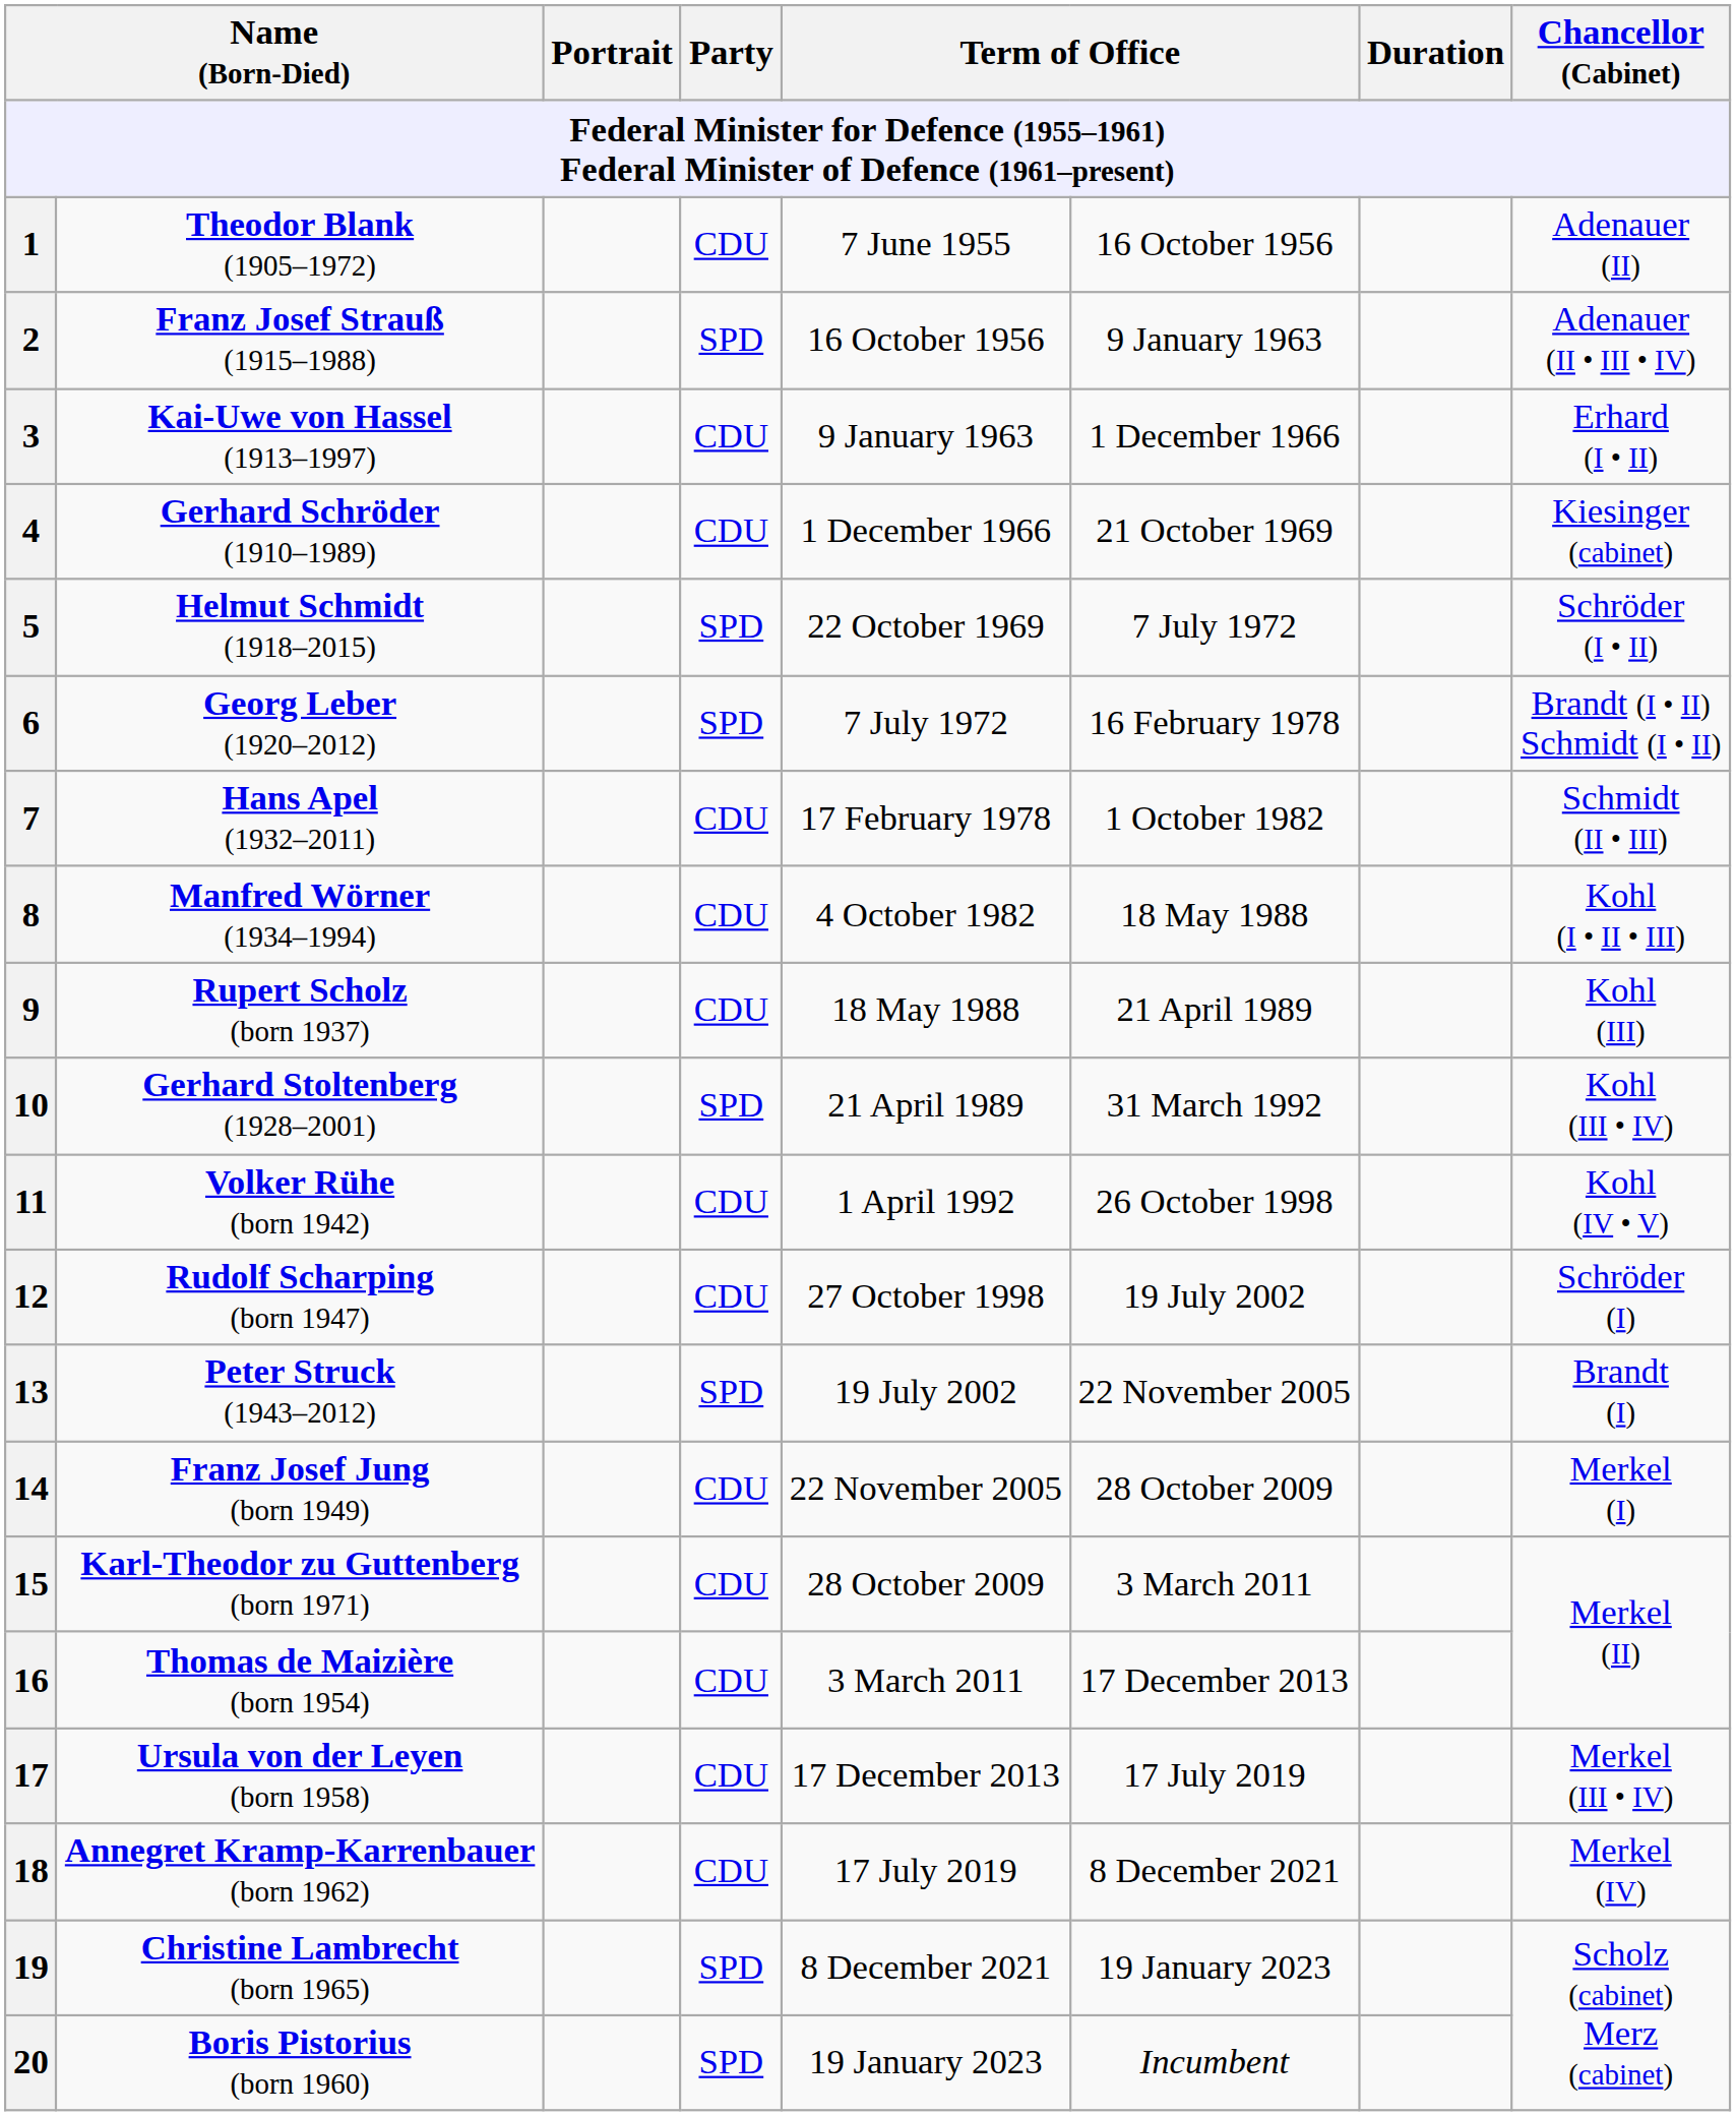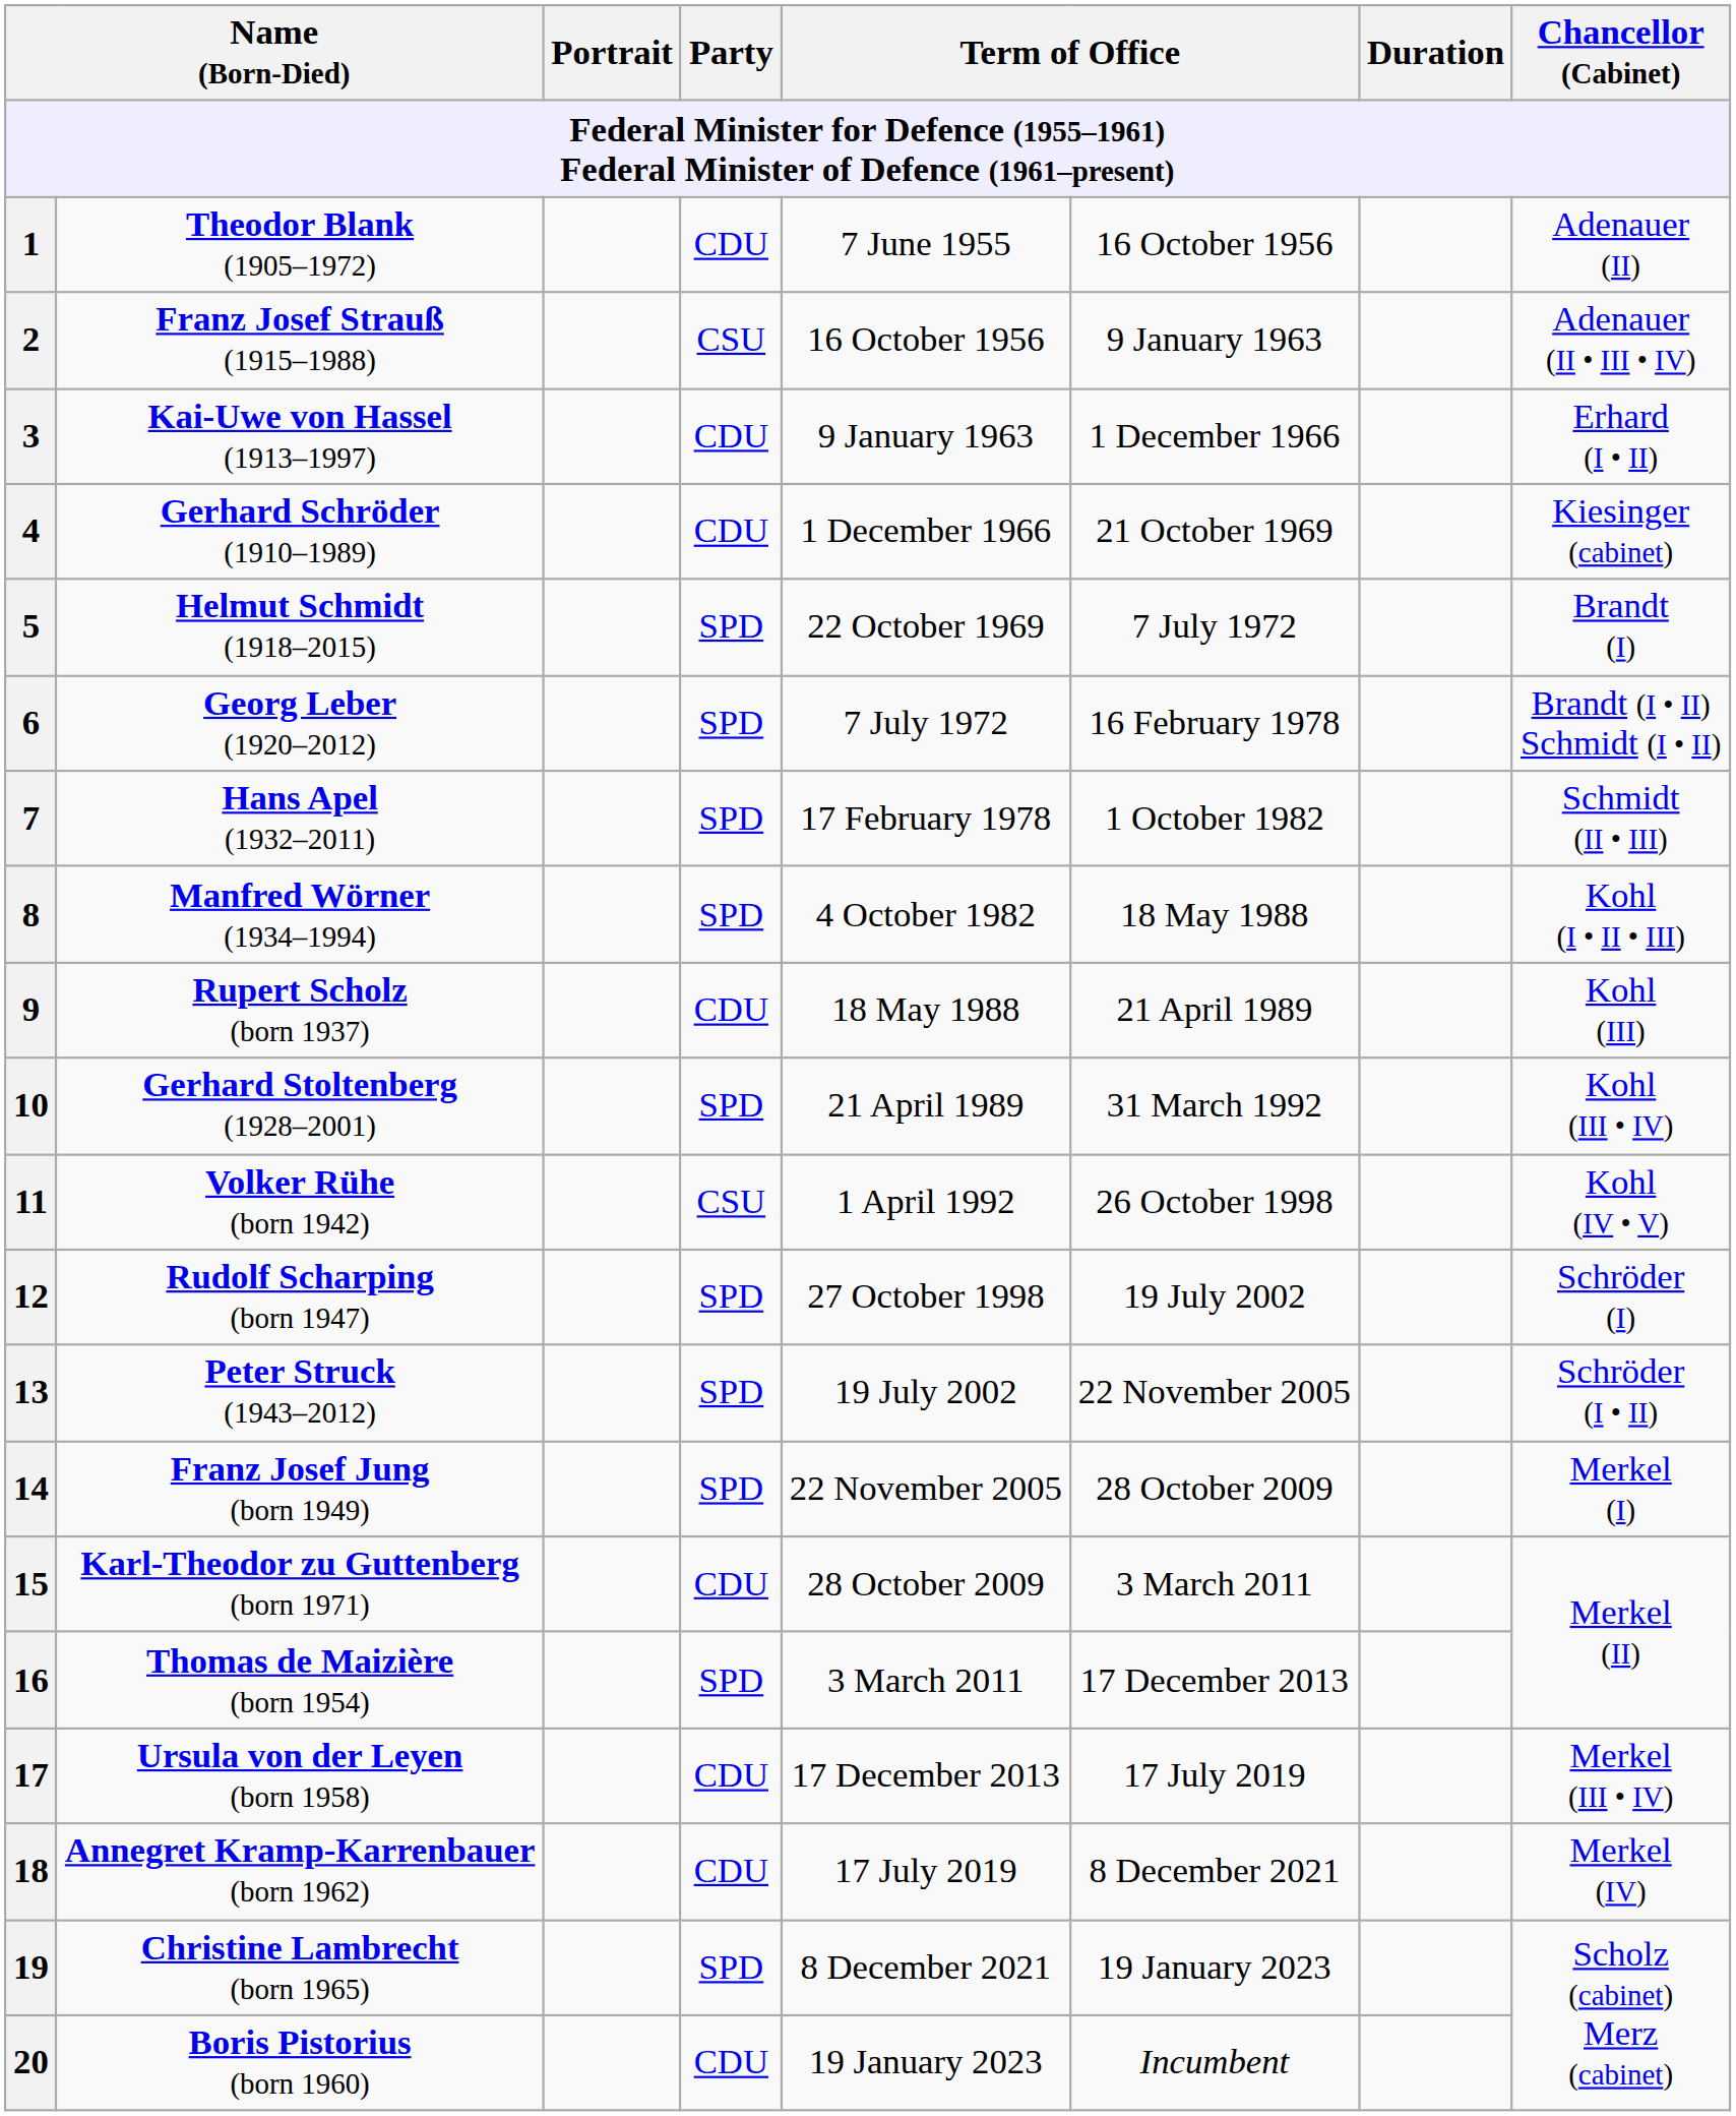 <table class="wikitable" style="text-align:center;">
 <tr>
 <th colspan=2>Name<br><small>(Born-Died)</small></th>
 <th>Portrait</th>
 <th>Party</th>
 <th colspan=2>Term of Office</th>
 <th>Duration</th>
 <th><a href='#'>Chancellor</a><br><small>(Cabinet)</small></th>
 </tr>
 <tr>
 <th style="background:#EEEEFF" colspan="8">Federal Minister for Defence <small>(1955–1961)</small><br>Federal Minister of Defence <small>(1961–present)</small></th>
 </tr>
 <tr>
 <th style="background:">1</th>
 <td><strong><a href='#'>Theodor Blank</a></strong><br><small>(1905–1972)</small></td>
 <td></td>
 <td><a href='#'>CDU</a></td>
 <td>7 June 1955</td>
 <td>16 October 1956</td>
 <td></td>
 <td><a href='#'>Adenauer</a><br><small>(<a href='#'>II</a>)</small></td>
 </tr>
 <tr>
 <th style="background:">2</th>
 <td><strong><a href='#'>Franz Josef Strauß</a></strong><br><small>(1915–1988)</small></td>
 <td></td>
-<td><a href='#'>SPD</a></td>
+<td><a href='#'>CSU</a></td>
 <td>16 October 1956</td>
 <td>9 January 1963</td>
 <td></td>
 <td><a href='#'>Adenauer</a><br><small>(<a href='#'>II</a> • <a href='#'>III</a> • <a href='#'>IV</a>)</small></td>
 </tr>
 <tr>
 <th style="background:">3</th>
 <td><strong><a href='#'>Kai-Uwe von Hassel</a></strong><br><small>(1913–1997)</small></td>
 <td></td>
 <td><a href='#'>CDU</a></td>
 <td>9 January 1963</td>
 <td>1 December 1966</td>
 <td></td>
 <td><a href='#'>Erhard</a><br><small>(<a href='#'>I</a> • <a href='#'>II</a>)</small></td>
 </tr>
 <tr>
 <th style="background:">4</th>
 <td><strong><a href='#'>Gerhard Schröder</a></strong><br><small>(1910–1989)</small></td>
 <td></td>
 <td><a href='#'>CDU</a></td>
 <td>1 December 1966</td>
 <td>21 October 1969</td>
 <td></td>
 <td><a href='#'>Kiesinger</a><br><small>(<a href='#'>cabinet</a>)</small></td>
 </tr>
 <tr>
 <th style="background:">5</th>
 <td><strong><a href='#'>Helmut Schmidt</a></strong><br><small>(1918–2015)</small></td>
 <td></td>
 <td><a href='#'>SPD</a></td>
 <td>22 October 1969</td>
 <td>7 July 1972</td>
 <td></td>
-<td><a href='#'>Schröder</a><br><small>(<a href='#'>I</a> • <a href='#'>II</a>)</small></td>
+<td><a href='#'>Brandt</a><br><small>(<a href='#'>I</a>)</small></td>
 </tr>
 <tr>
 <th style="background:">6</th>
 <td><strong><a href='#'>Georg Leber</a></strong><br><small>(1920–2012)</small></td>
 <td></td>
 <td><a href='#'>SPD</a></td>
 <td>7 July 1972</td>
 <td>16 February 1978</td>
 <td></td>
 <td><a href='#'>Brandt</a> <small>(<a href='#'>I</a> • <a href='#'>II</a>)</small><br> <a href='#'>Schmidt</a> <small>(<a href='#'>I</a> • <a href='#'>II</a>)</small></td>
 </tr>
 <tr>
 <th style="background:">7</th>
 <td><strong><a href='#'>Hans Apel</a></strong><br><small>(1932–2011)</small></td>
 <td></td>
-<td><a href='#'>CDU</a></td>
+<td><a href='#'>SPD</a></td>
 <td>17 February 1978</td>
 <td>1 October 1982</td>
 <td></td>
 <td><a href='#'>Schmidt</a><br><small>(<a href='#'>II</a> • <a href='#'>III</a>)</small></td>
 </tr>
 <tr>
 <th style="background:">8</th>
 <td><strong><a href='#'>Manfred Wörner</a></strong><br><small>(1934–1994)</small></td>
 <td></td>
-<td><a href='#'>CDU</a></td>
+<td><a href='#'>SPD</a></td>
 <td>4 October 1982</td>
 <td>18 May 1988</td>
 <td></td>
 <td><a href='#'>Kohl</a><br><small>(<a href='#'>I</a> • <a href='#'>II</a> • <a href='#'>III</a>)</small></td>
 </tr>
 <tr>
 <th style="background:">9</th>
 <td><strong><a href='#'>Rupert Scholz</a></strong><br><small>(born 1937)</small></td>
 <td></td>
 <td><a href='#'>CDU</a></td>
 <td>18 May 1988</td>
 <td>21 April 1989</td>
 <td></td>
 <td><a href='#'>Kohl</a><br><small>(<a href='#'>III</a>)</small></td>
 </tr>
 <tr>
 <th style="background:">10</th>
 <td><strong><a href='#'>Gerhard Stoltenberg</a></strong><br><small>(1928–2001)</small></td>
 <td></td>
 <td><a href='#'>SPD</a></td>
 <td>21 April 1989</td>
 <td>31 March 1992</td>
 <td></td>
 <td><a href='#'>Kohl</a><br><small>(<a href='#'>III</a> • <a href='#'>IV</a>)</small></td>
 </tr>
 <tr>
 <th style="background:">11</th>
 <td><strong><a href='#'>Volker Rühe</a></strong><br><small>(born 1942)</small></td>
 <td></td>
-<td><a href='#'>CDU</a></td>
+<td><a href='#'>CSU</a></td>
 <td>1 April 1992</td>
 <td>26 October 1998</td>
 <td></td>
 <td><a href='#'>Kohl</a><br><small>(<a href='#'>IV</a> • <a href='#'>V</a>)</small></td>
 </tr>
 <tr>
 <th style="background:">12</th>
 <td><strong><a href='#'>Rudolf Scharping</a></strong><br><small>(born 1947)</small></td>
 <td></td>
-<td><a href='#'>CDU</a></td>
+<td><a href='#'>SPD</a></td>
 <td>27 October 1998</td>
 <td>19 July 2002</td>
 <td></td>
 <td><a href='#'>Schröder</a><br><small>(<a href='#'>I</a>)</small></td>
 </tr>
 <tr>
 <th style="background:">13</th>
 <td><strong><a href='#'>Peter Struck</a></strong><br><small>(1943–2012)</small></td>
 <td></td>
 <td><a href='#'>SPD</a></td>
 <td>19 July 2002</td>
 <td>22 November 2005</td>
 <td></td>
-<td><a href='#'>Brandt</a><br><small>(<a href='#'>I</a>)</small></td>
+<td><a href='#'>Schröder</a><br><small>(<a href='#'>I</a> • <a href='#'>II</a>)</small></td>
 </tr>
 <tr>
 <th style="background:">14</th>
 <td><strong><a href='#'>Franz Josef Jung</a></strong><br><small>(born 1949)</small></td>
 <td></td>
-<td><a href='#'>CDU</a></td>
+<td><a href='#'>SPD</a></td>
 <td>22 November 2005</td>
 <td>28 October 2009</td>
 <td></td>
 <td><a href='#'>Merkel</a><br><small>(<a href='#'>I</a>)</small></td>
 </tr>
 <tr>
 <th style="background:">15</th>
 <td><strong><a href='#'>Karl-Theodor zu Guttenberg</a></strong><br><small>(born 1971)</small></td>
 <td></td>
 <td><a href='#'>CDU</a></td>
 <td>28 October 2009</td>
 <td>3 March 2011</td>
 <td></td>
 <td rowspan=2><a href='#'>Merkel</a><br><small>(<a href='#'>II</a>)</small></td>
 </tr>
 <tr>
 <th style="background:">16</th>
 <td><strong><a href='#'>Thomas de Maizière</a></strong><br><small>(born 1954)</small></td>
 <td></td>
-<td><a href='#'>CDU</a></td>
+<td><a href='#'>SPD</a></td>
 <td>3 March 2011</td>
 <td>17 December 2013</td>
 <td></td>
 </tr>
 <tr>
 <th style="background:">17</th>
 <td><strong><a href='#'>Ursula von der Leyen</a></strong><br><small>(born 1958)</small></td>
 <td></td>
 <td><a href='#'>CDU</a></td>
 <td>17 December 2013</td>
 <td>17 July 2019</td>
 <td></td>
 <td><a href='#'>Merkel</a><br><small>(<a href='#'>III</a> • <a href='#'>IV</a>)</small></td>
 </tr>
 <tr>
 <th style="background:">18</th>
 <td><strong><a href='#'>Annegret Kramp-Karrenbauer</a></strong><br><small>(born 1962)</small></td>
 <td></td>
 <td><a href='#'>CDU</a></td>
 <td>17 July 2019</td>
 <td>8 December 2021</td>
 <td></td>
 <td><a href='#'>Merkel</a><br><small>(<a href='#'>IV</a>)</small></td>
 </tr>
 <tr>
 <th style="background:">19</th>
 <td><strong><a href='#'>Christine Lambrecht</a></strong><br><small>(born 1965)</small></td>
 <td></td>
 <td><a href='#'>SPD</a></td>
 <td>8 December 2021</td>
 <td>19 January 2023</td>
 <td></td>
 <td rowspan=2><a href='#'>Scholz</a><br><small>(<a href='#'>cabinet</a>)<br></small><a href='#'>Merz</a><br><small>(<a href='#'>cabinet</a>)</small></td>
 </tr>
 <tr>
 <th style="background:">20</th>
 <td><strong><a href='#'>Boris Pistorius</a></strong><br><small>(born 1960)</small></td>
 <td></td>
-<td><a href='#'>SPD</a></td>
+<td><a href='#'>CDU</a></td>
 <td>19 January 2023</td>
 <td><em>Incumbent</em></td>
 <td></td>
 </tr>
 </table>
